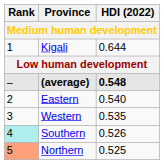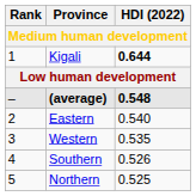 <table class="wikitable sortable">
 <tr>
 <th>Rank</th>
 <th>Province</th>
 <th>HDI (2022)</th>
 </tr>
 <tr>
 <th colspan="3" style="color:#fc0;">Medium human development</th>
 </tr>
 <tr>
 <td>1</td>
 <td><a href='#'>Kigali</a></td>
-<td>0.644</td>
+<td><strong>0.644</strong></td>
 </tr>
 <tr>
 <th colspan="3" style="color:#900;">Low human development</th>
 </tr>
 <tr style="background:#e6e6e6">
 <td>–</td>
 <td> <strong>(average)</strong></td>
 <td><strong>0.548</strong></td>
 </tr>
 <tr>
 <td>2</td>
 <td><a href='#'>Eastern</a></td>
 <td>0.540</td>
 </tr>
 <tr>
 <td>3</td>
 <td><a href='#'>Western</a></td>
 <td>0.535</td>
 </tr>
 <tr>
-<td style="background: paleturquoise;">4</td>
+<td>4</td>
 <td><a href='#'>Southern</a></td>
 <td>0.526</td>
 </tr>
 <tr>
-<td style="background: lightsalmon;">5</td>
+<td>5</td>
 <td><a href='#'>Northern</a></td>
 <td>0.525</td>
 </tr>
 </table>
